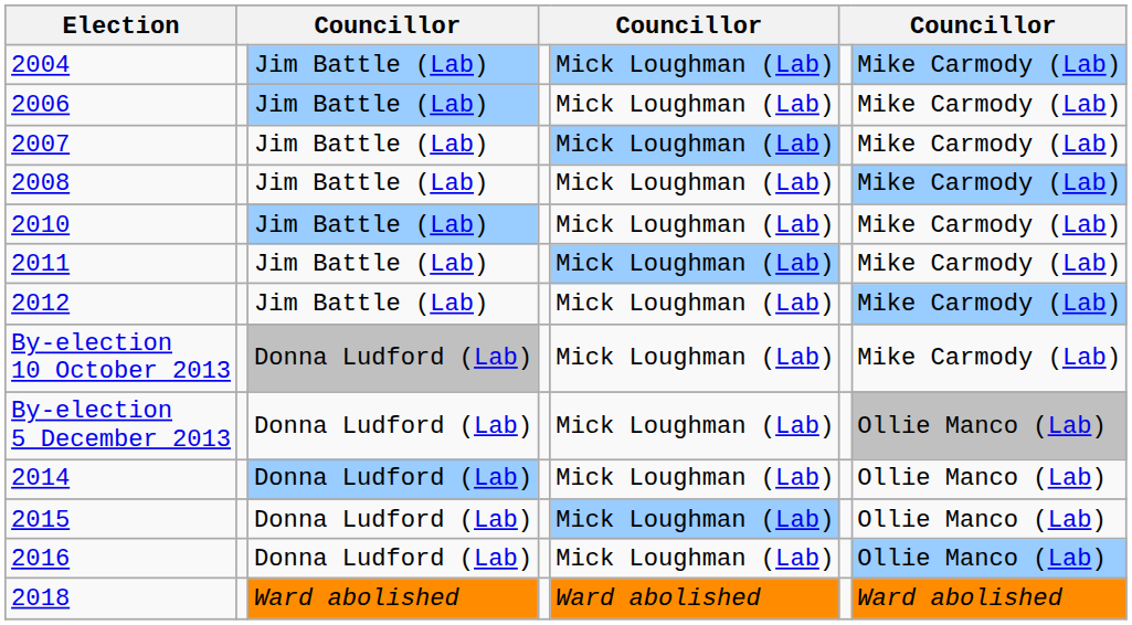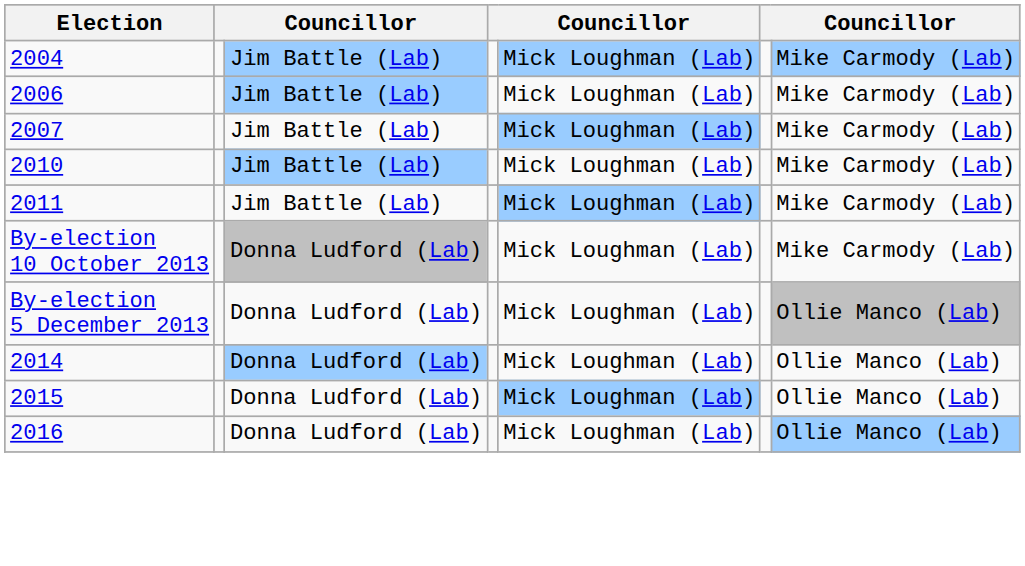 <table class="wikitable">
 <tr>
 <th>Election</th>
 <th colspan="2">Councillor</th>
 <th colspan="2">Councillor</th>
 <th colspan="2">Councillor</th>
 </tr>
 <tr>
 <td><a href='#'>2004</a></td>
 <td style="background-color: "></td>
 <td bgcolor="#99CCFF">Jim Battle (<a href='#'>Lab</a>)</td>
 <td style="background-color: "></td>
 <td bgcolor="#99CCFF">Mick Loughman (<a href='#'>Lab</a>)</td>
 <td style="background-color: "></td>
 <td bgcolor="#99CCFF">Mike Carmody (<a href='#'>Lab</a>)</td>
 </tr>
 <tr>
 <td><a href='#'>2006</a></td>
 <td style="background-color: "></td>
 <td bgcolor="#99CCFF">Jim Battle (<a href='#'>Lab</a>)</td>
 <td style="background-color: "></td>
 <td>Mick Loughman (<a href='#'>Lab</a>)</td>
 <td style="background-color: "></td>
 <td>Mike Carmody (<a href='#'>Lab</a>)</td>
 </tr>
 <tr>
 <td><a href='#'>2007</a></td>
 <td style="background-color: "></td>
 <td>Jim Battle (<a href='#'>Lab</a>)</td>
 <td style="background-color: "></td>
 <td bgcolor="#99CCFF">Mick Loughman (<a href='#'>Lab</a>)</td>
 <td style="background-color: "></td>
 <td>Mike Carmody (<a href='#'>Lab</a>)</td>
 </tr>
 <tr>
-<td><a href='#'>2008</a></td>
-<td style="background-color: "></td>
-<td>Jim Battle (<a href='#'>Lab</a>)</td>
-<td style="background-color: "></td>
-<td>Mick Loughman (<a href='#'>Lab</a>)</td>
-<td style="background-color: "></td>
-<td bgcolor="#99CCFF">Mike Carmody (<a href='#'>Lab</a>)</td>
-</tr>
-<tr>
 <td><a href='#'>2010</a></td>
 <td style="background-color: "></td>
 <td bgcolor="#99CCFF">Jim Battle (<a href='#'>Lab</a>)</td>
 <td style="background-color: "></td>
 <td>Mick Loughman (<a href='#'>Lab</a>)</td>
 <td style="background-color: "></td>
 <td>Mike Carmody (<a href='#'>Lab</a>)</td>
 </tr>
 <tr>
 <td><a href='#'>2011</a></td>
 <td style="background-color: "></td>
 <td>Jim Battle (<a href='#'>Lab</a>)</td>
 <td style="background-color: "></td>
 <td bgcolor="#99CCFF">Mick Loughman (<a href='#'>Lab</a>)</td>
 <td style="background-color: "></td>
 <td>Mike Carmody (<a href='#'>Lab</a>)</td>
-</tr>
-<tr>
-<td><a href='#'>2012</a></td>
-<td style="background-color: "></td>
-<td>Jim Battle (<a href='#'>Lab</a>)</td>
-<td style="background-color: "></td>
-<td>Mick Loughman (<a href='#'>Lab</a>)</td>
-<td style="background-color: "></td>
-<td bgcolor="#99CCFF">Mike Carmody (<a href='#'>Lab</a>)</td>
 </tr>
 <tr>
 <td><a href='#'>By-election<br>10 October 2013</a></td>
 <td style="background-color: "></td>
 <td bgcolor="#C0C0C0">Donna Ludford (<a href='#'>Lab</a>)</td>
 <td style="background-color: "></td>
 <td>Mick Loughman (<a href='#'>Lab</a>)</td>
 <td style="background-color: "></td>
 <td>Mike Carmody (<a href='#'>Lab</a>)</td>
 </tr>
 <tr>
 <td><a href='#'>By-election<br>5 December 2013</a></td>
 <td style="background-color: "></td>
 <td>Donna Ludford (<a href='#'>Lab</a>)</td>
 <td style="background-color: "></td>
 <td>Mick Loughman (<a href='#'>Lab</a>)</td>
 <td style="background-color: "></td>
 <td bgcolor="#C0C0C0">Ollie Manco (<a href='#'>Lab</a>)</td>
 </tr>
 <tr>
 <td><a href='#'>2014</a></td>
 <td style="background-color: "></td>
 <td bgcolor="#99CCFF">Donna Ludford (<a href='#'>Lab</a>)</td>
 <td style="background-color: "></td>
 <td>Mick Loughman (<a href='#'>Lab</a>)</td>
 <td style="background-color: "></td>
 <td>Ollie Manco (<a href='#'>Lab</a>)</td>
 </tr>
 <tr>
 <td><a href='#'>2015</a></td>
 <td style="background-color: "></td>
 <td>Donna Ludford (<a href='#'>Lab</a>)</td>
 <td style="background-color: "></td>
 <td bgcolor="#99CCFF">Mick Loughman (<a href='#'>Lab</a>)</td>
 <td style="background-color: "></td>
 <td>Ollie Manco (<a href='#'>Lab</a>)</td>
 </tr>
 <tr>
 <td><a href='#'>2016</a></td>
 <td style="background-color: "></td>
 <td>Donna Ludford (<a href='#'>Lab</a>)</td>
 <td style="background-color: "></td>
 <td>Mick Loughman (<a href='#'>Lab</a>)</td>
 <td style="background-color: "></td>
 <td bgcolor="#99CCFF">Ollie Manco (<a href='#'>Lab</a>)</td>
 </tr>
-<tr>
-<td><a href='#'>2018</a></td>
-<td style="background-color: "></td>
-<td bgcolor="#FF8C00"><em>Ward abolished</em></td>
-<td style="background-color: "></td>
-<td bgcolor="#FF8C00"><em>Ward abolished</em></td>
-<td style="background-color: "></td>
-<td bgcolor="#FF8C00"><em>Ward abolished</em></td>
-</tr>
 </table>
